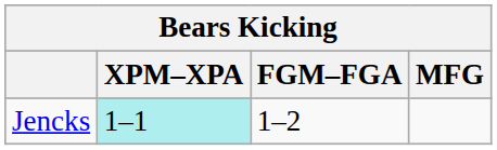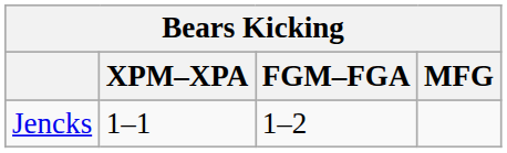 <table class="wikitable">
 <tr>
 <th colspan="4">Bears Kicking</th>
 </tr>
 <tr>
 <th></th>
 <th>XPM–XPA</th>
 <th>FGM–FGA</th>
 <th>MFG</th>
 </tr>
 <tr>
 <td><a href='#'>Jencks</a></td>
-<td style="background: paleturquoise;">1–1</td>
+<td>1–1</td>
 <td>1–2</td>
 <td></td>
 </tr>
 </table>
